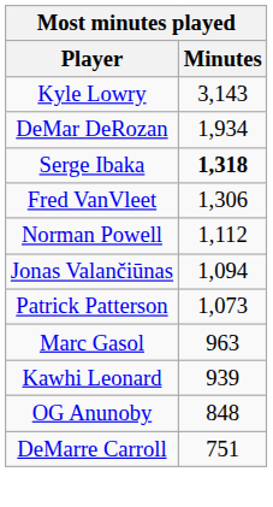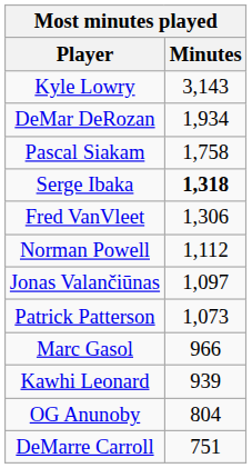 <table class="wikitable sortable" style="text-align:center">
 <tr>
 <th colspan="2">Most minutes played</th>
 </tr>
 <tr>
 <th>Player</th>
 <th>Minutes</th>
 </tr>
 <tr>
 <td><a href='#'>Kyle Lowry</a></td>
 <td>3,143</td>
 </tr>
 <tr>
 <td><a href='#'>DeMar DeRozan</a></td>
 <td>1,934</td>
 </tr>
 <tr>
+<td><a href='#'>Pascal Siakam</a></td>
+<td>1,758</td>
+</tr>
+<tr>
 <td><a href='#'>Serge Ibaka</a></td>
 <td><strong>1,318</strong></td>
 </tr>
 <tr>
 <td><a href='#'>Fred VanVleet</a></td>
 <td>1,306</td>
 </tr>
 <tr>
 <td><a href='#'>Norman Powell</a></td>
 <td>1,112</td>
 </tr>
 <tr>
 <td><a href='#'>Jonas Valančiūnas</a></td>
-<td>1,094</td>
+<td>1,097</td>
 </tr>
 <tr>
 <td><a href='#'>Patrick Patterson</a></td>
 <td>1,073</td>
 </tr>
 <tr>
 <td><a href='#'>Marc Gasol</a></td>
-<td>963</td>
+<td>966</td>
 </tr>
 <tr>
 <td><a href='#'>Kawhi Leonard</a></td>
 <td>939</td>
 </tr>
 <tr>
 <td><a href='#'>OG Anunoby</a></td>
-<td>848</td>
+<td>804</td>
 </tr>
 <tr>
 <td><a href='#'>DeMarre Carroll</a></td>
 <td>751</td>
 </tr>
 </table>
